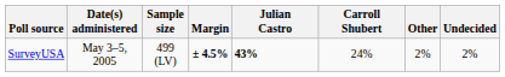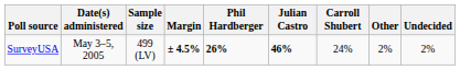 <table class="wikitable" style="font-size:90%">
 <tr valign=bottom>
 <th>Poll source</th>
 <th>Date(s)<br>administered</th>
 <th>Sample<br>size</th>
 <th>Margin<br></th>
+<th style="width:100px;">Phil<br>Hardberger</th>
 <th style="width:100px;">Julian<br>Castro</th>
 <th style="width:100px;">Carroll<br>Shubert</th>
 <th>Other</th>
 <th>Undecided</th>
 </tr>
 <tr>
 <td><a href='#'>SurveyUSA</a></td>
 <td align=center>May 3–5, 2005</td>
 <td align=center>499 (LV)</td>
 <td align=center><strong>± 4.5%</strong></td>
-<td><strong>43%</strong></td>
+<td><strong>26%</strong></td>
+<td><strong>46%</strong></td>
 <td align=center>24%</td>
 <td align=center>2%</td>
 <td align=center>2%</td>
 </tr>
 </table>
